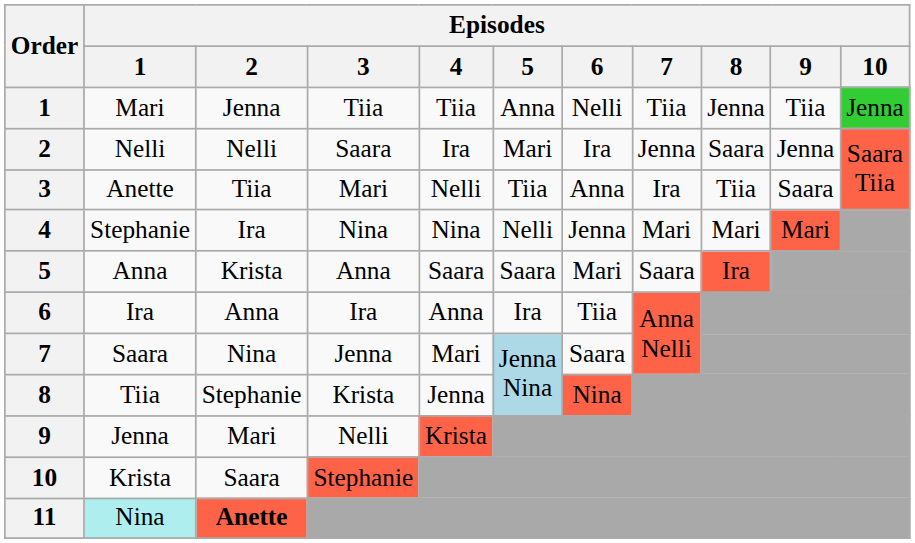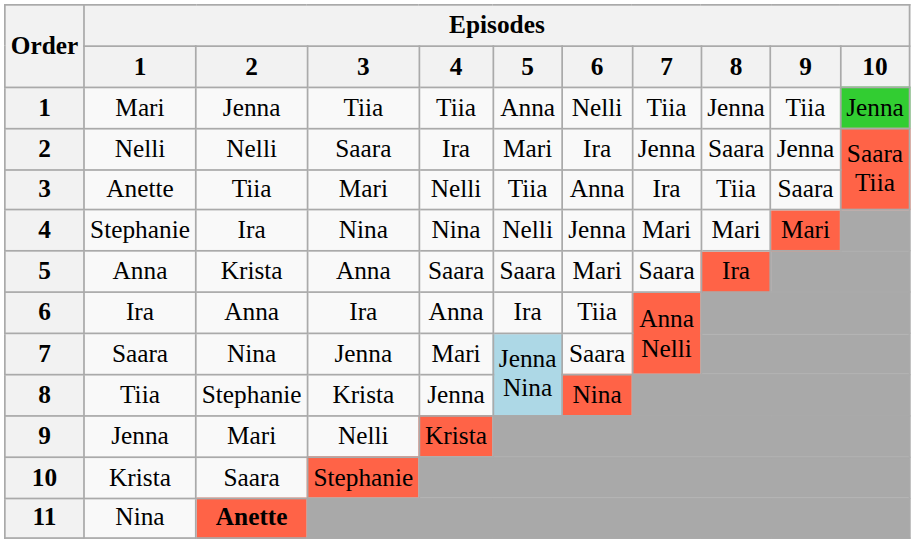 <table class="wikitable" style="text-align:center; font-size:92%">
 <tr>
 <th rowspan=2>Order</th>
 <th colspan=11>Episodes</th>
 </tr>
 <tr>
 <th>1</th>
 <th>2</th>
 <th>3</th>
 <th>4</th>
 <th>5</th>
 <th>6</th>
 <th>7</th>
 <th>8</th>
 <th>9</th>
 <th>10</th>
 </tr>
 <tr>
 <th>1</th>
 <td>Mari</td>
 <td>Jenna</td>
 <td>Tiia</td>
 <td>Tiia</td>
 <td>Anna</td>
 <td>Nelli</td>
 <td>Tiia</td>
 <td>Jenna</td>
 <td>Tiia</td>
 <td bgcolor="limegreen">Jenna</td>
 </tr>
 <tr>
 <th>2</th>
 <td>Nelli</td>
 <td>Nelli</td>
 <td>Saara</td>
 <td>Ira</td>
 <td>Mari</td>
 <td>Ira</td>
 <td>Jenna</td>
 <td>Saara</td>
 <td>Jenna</td>
 <td bgcolor="tomato" rowspan="2">Saara<br>Tiia</td>
 </tr>
 <tr>
 <th>3</th>
 <td>Anette</td>
 <td>Tiia</td>
 <td>Mari</td>
 <td>Nelli</td>
 <td>Tiia</td>
 <td>Anna</td>
 <td>Ira</td>
 <td>Tiia</td>
 <td>Saara</td>
 </tr>
 <tr>
 <th>4</th>
 <td>Stephanie</td>
 <td>Ira</td>
 <td>Nina</td>
 <td>Nina</td>
 <td>Nelli</td>
 <td>Jenna</td>
 <td>Mari</td>
 <td>Mari</td>
 <td bgcolor="tomato">Mari</td>
 <td bgcolor="darkgray"></td>
 </tr>
 <tr>
 <th>5</th>
 <td>Anna</td>
 <td>Krista</td>
 <td>Anna</td>
 <td>Saara</td>
 <td>Saara</td>
 <td>Mari</td>
 <td>Saara</td>
 <td bgcolor="tomato">Ira</td>
 <td bgcolor="darkgray" colspan=2></td>
 </tr>
 <tr>
 <th>6</th>
 <td>Ira</td>
 <td>Anna</td>
 <td>Ira</td>
 <td>Anna</td>
 <td>Ira</td>
 <td>Tiia</td>
 <td bgcolor="tomato" rowspan="2">Anna<br>Nelli</td>
 <td bgcolor="darkgray" colspan=3></td>
 </tr>
 <tr>
 <th>7</th>
 <td>Saara</td>
 <td>Nina</td>
 <td>Jenna</td>
 <td>Mari</td>
 <td rowspan="2" bgcolor="lightblue">Jenna<br>Nina</td>
 <td>Saara</td>
 <td bgcolor="darkgray" colspan=3></td>
 </tr>
 <tr>
 <th>8</th>
 <td>Tiia</td>
 <td>Stephanie</td>
 <td>Krista</td>
 <td>Jenna</td>
 <td bgcolor="tomato">Nina</td>
 <td bgcolor="darkgray" colspan=4></td>
 </tr>
 <tr>
 <th>9</th>
 <td>Jenna</td>
 <td>Mari</td>
 <td>Nelli</td>
 <td bgcolor="tomato">Krista</td>
 <td bgcolor="darkgray" colspan=6></td>
 </tr>
 <tr>
 <th>10</th>
 <td>Krista</td>
 <td>Saara</td>
 <td bgcolor="tomato">Stephanie</td>
 <td bgcolor="darkgray" colspan=7></td>
 </tr>
 <tr>
 <th>11</th>
-<td style="background: paleturquoise;">Nina</td>
+<td>Nina</td>
 <td bgcolor="tomato"><strong>Anette</strong></td>
 <td width="60" bgcolor="darkgray" colspan=8></td>
 </tr>
 </table>
